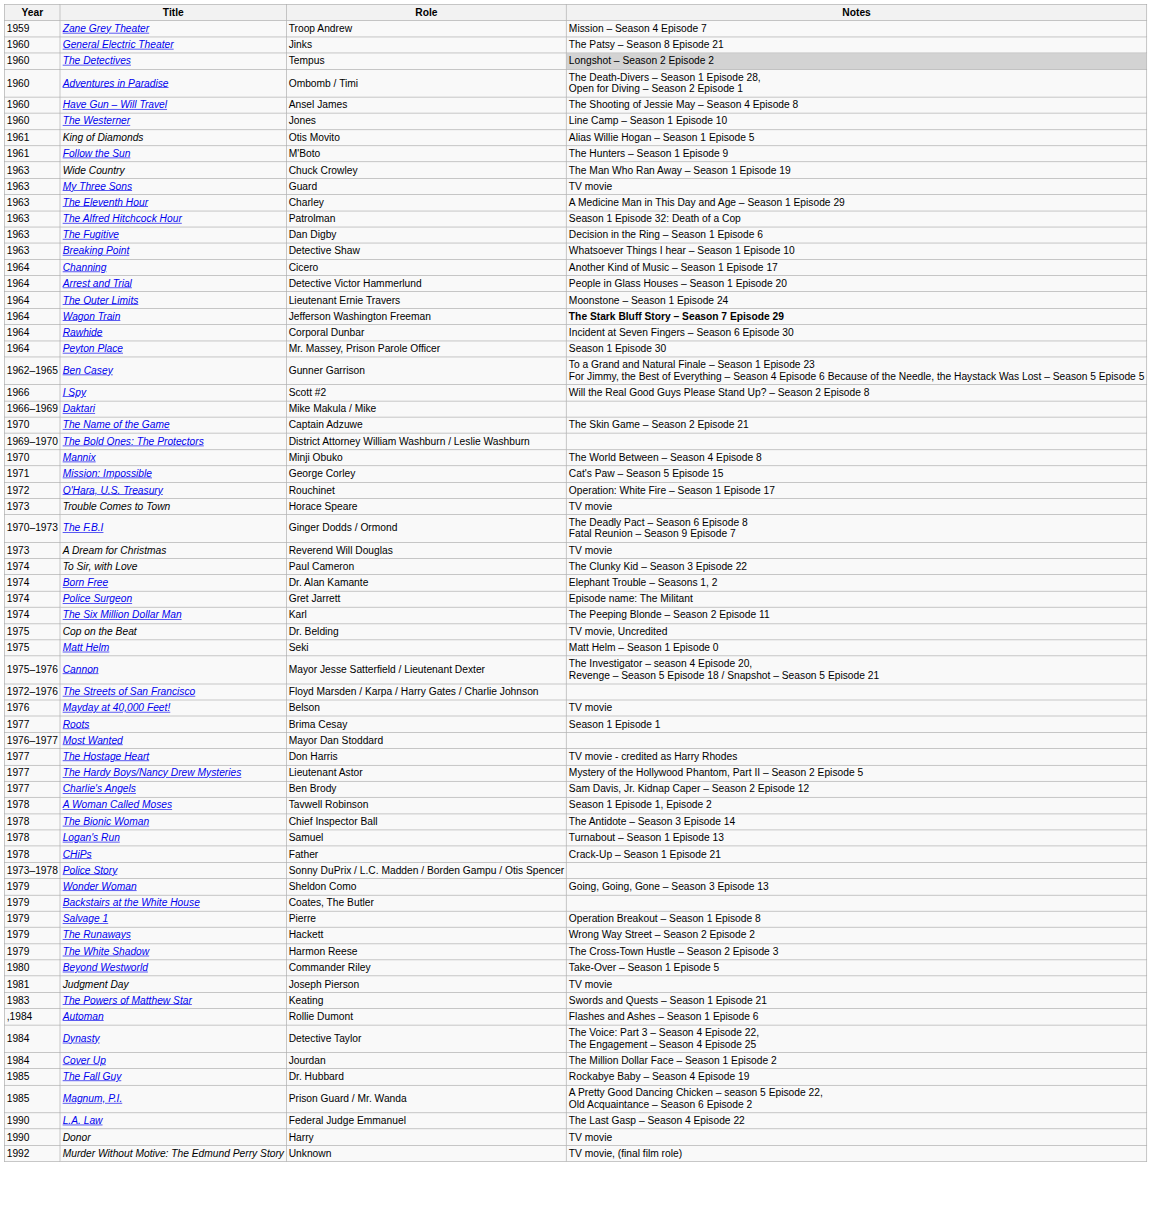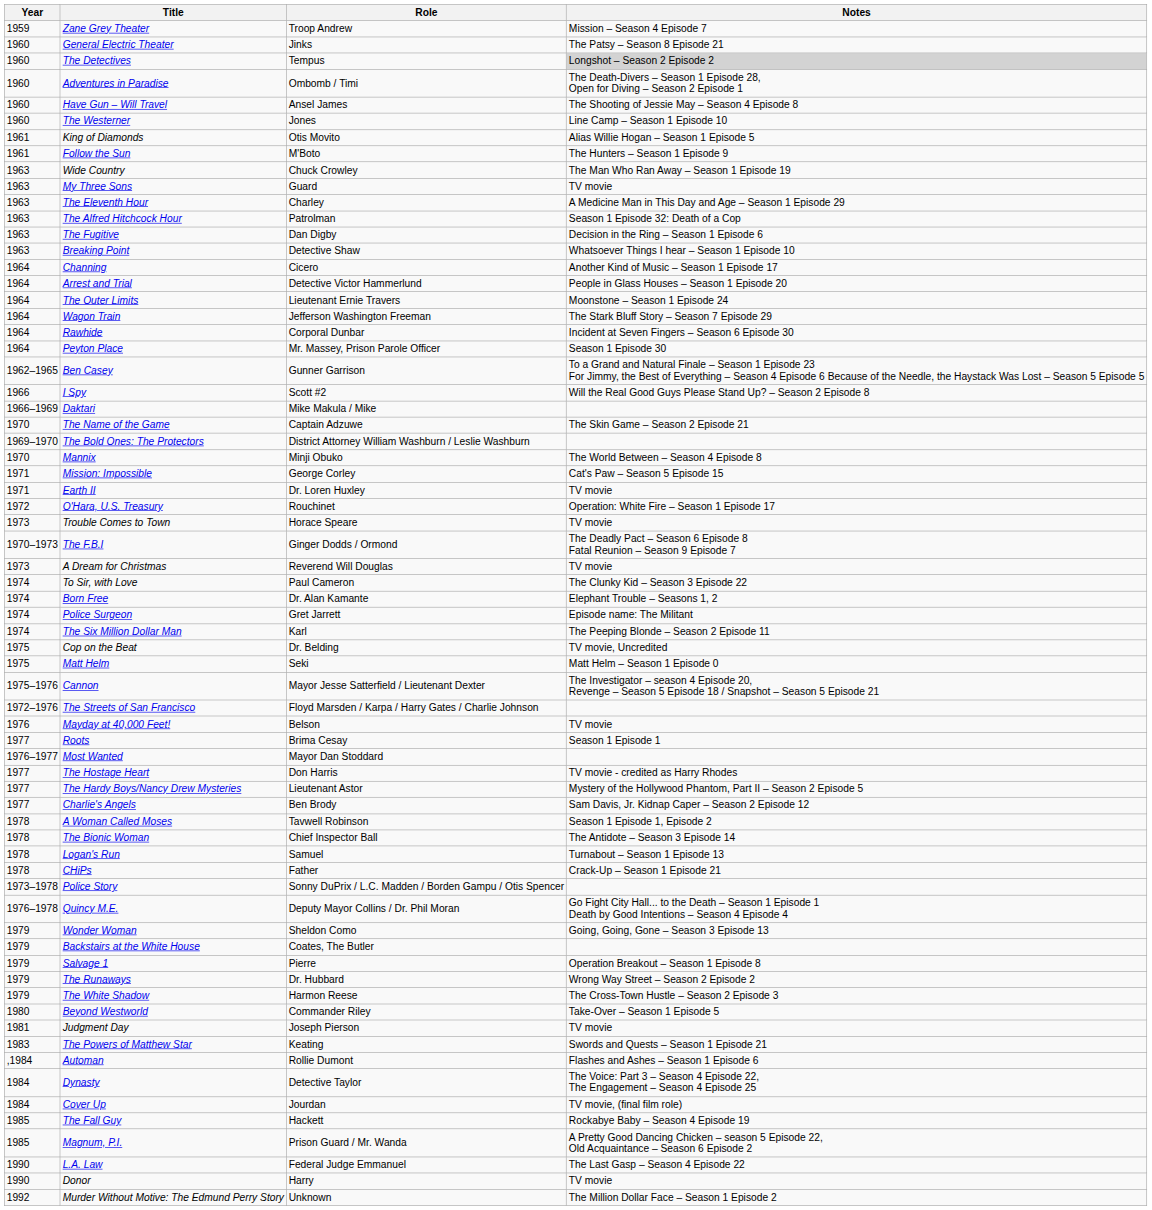 <table class="wikitable">
 <tr>
 <th>Year</th>
 <th>Title</th>
 <th>Role</th>
 <th>Notes</th>
 </tr>
 <tr>
 <td>1959</td>
 <td><em><a href='#'>Zane Grey Theater</a></em></td>
 <td>Troop Andrew</td>
 <td>Mission – Season 4 Episode 7</td>
 </tr>
 <tr>
 <td>1960</td>
 <td><em><a href='#'>General Electric Theater</a></em></td>
 <td>Jinks</td>
 <td>The Patsy – Season 8 Episode 21</td>
 </tr>
 <tr>
 <td>1960</td>
 <td><em><a href='#'>The Detectives</a></em></td>
 <td>Tempus</td>
 <td style="background: lightgrey;">Longshot – Season 2 Episode 2</td>
 </tr>
 <tr>
 <td>1960</td>
 <td><em><a href='#'>Adventures in Paradise</a></em></td>
 <td>Ombomb / Timi</td>
 <td>The Death-Divers – Season 1 Episode 28,<br>Open for Diving – Season 2 Episode 1</td>
 </tr>
 <tr>
 <td>1960</td>
 <td><em><a href='#'>Have Gun – Will Travel</a></em></td>
 <td>Ansel James</td>
 <td>The Shooting of Jessie May – Season 4 Episode 8</td>
 </tr>
 <tr>
 <td>1960</td>
 <td><em><a href='#'>The Westerner</a></em></td>
 <td>Jones</td>
 <td>Line Camp – Season 1 Episode 10</td>
 </tr>
 <tr>
 <td>1961</td>
 <td><em>King of Diamonds</em></td>
 <td>Otis Movito</td>
 <td>Alias Willie Hogan – Season 1 Episode 5</td>
 </tr>
 <tr>
 <td>1961</td>
 <td><em><a href='#'>Follow the Sun</a></em></td>
 <td>M'Boto</td>
 <td>The Hunters – Season 1 Episode 9</td>
 </tr>
 <tr>
 <td>1963</td>
 <td><em>Wide Country</em></td>
 <td>Chuck Crowley</td>
 <td>The Man Who Ran Away – Season 1 Episode 19</td>
 </tr>
 <tr>
 <td>1963</td>
 <td><em><a href='#'>My Three Sons</a></em></td>
 <td>Guard</td>
 <td>TV movie</td>
 </tr>
 <tr>
 <td>1963</td>
 <td><em><a href='#'>The Eleventh Hour</a></em></td>
 <td>Charley</td>
 <td>A Medicine Man in This Day and Age – Season 1 Episode 29</td>
 </tr>
 <tr>
 <td>1963</td>
 <td><em><a href='#'>The Alfred Hitchcock Hour</a></em></td>
 <td>Patrolman</td>
 <td>Season 1 Episode 32: Death of a Cop</td>
 </tr>
 <tr>
 <td>1963</td>
 <td><em><a href='#'>The Fugitive</a></em></td>
 <td>Dan Digby</td>
 <td>Decision in the Ring – Season 1 Episode 6</td>
 </tr>
 <tr>
 <td>1963</td>
 <td><em><a href='#'>Breaking Point</a></em></td>
 <td>Detective Shaw</td>
 <td>Whatsoever Things I hear – Season 1 Episode 10</td>
 </tr>
 <tr>
 <td>1964</td>
 <td><em><a href='#'>Channing</a></em></td>
 <td>Cicero</td>
 <td>Another Kind of Music – Season 1 Episode 17</td>
 </tr>
 <tr>
 <td>1964</td>
 <td><em><a href='#'>Arrest and Trial</a></em></td>
 <td>Detective Victor Hammerlund</td>
 <td>People in Glass Houses – Season 1 Episode 20</td>
 </tr>
 <tr>
 <td>1964</td>
 <td><em><a href='#'>The Outer Limits</a></em></td>
 <td>Lieutenant Ernie Travers</td>
 <td>Moonstone – Season 1 Episode 24</td>
 </tr>
 <tr>
 <td>1964</td>
 <td><em><a href='#'>Wagon Train</a></em></td>
 <td>Jefferson Washington Freeman</td>
-<td><strong>The Stark Bluff Story – Season 7 Episode 29</strong></td>
+<td>The Stark Bluff Story – Season 7 Episode 29</td>
 </tr>
 <tr>
 <td>1964</td>
 <td><em><a href='#'>Rawhide</a></em></td>
 <td>Corporal Dunbar</td>
 <td>Incident at Seven Fingers – Season 6 Episode 30</td>
 </tr>
 <tr>
 <td>1964</td>
 <td><em><a href='#'>Peyton Place</a></em></td>
 <td>Mr. Massey, Prison Parole Officer</td>
 <td>Season 1 Episode 30</td>
 </tr>
 <tr>
 <td>1962–1965</td>
 <td><em><a href='#'>Ben Casey</a></em></td>
 <td>Gunner Garrison</td>
 <td>To a Grand and Natural Finale – Season 1 Episode 23<br>For Jimmy, the Best of Everything – Season 4 Episode 6 Because of the Needle, the Haystack Was Lost – Season 5 Episode 5</td>
 </tr>
 <tr>
 <td>1966</td>
 <td><em><a href='#'>I Spy</a></em></td>
 <td>Scott #2</td>
 <td>Will the Real Good Guys Please Stand Up? – Season 2 Episode 8</td>
 </tr>
 <tr>
 <td>1966–1969</td>
 <td><em><a href='#'>Daktari</a></em></td>
 <td>Mike Makula / Mike</td>
 <td></td>
 </tr>
 <tr>
 <td>1970</td>
 <td><em><a href='#'>The Name of the Game</a></em></td>
 <td>Captain Adzuwe</td>
 <td>The Skin Game – Season 2 Episode 21</td>
 </tr>
 <tr>
 <td>1969–1970</td>
 <td><em><a href='#'>The Bold Ones: The Protectors</a></em></td>
 <td>District Attorney William Washburn / Leslie Washburn</td>
 <td></td>
 </tr>
 <tr>
 <td>1970</td>
 <td><em><a href='#'>Mannix</a></em></td>
 <td>Minji Obuko</td>
 <td>The World Between – Season 4 Episode 8</td>
 </tr>
 <tr>
 <td>1971</td>
 <td><em><a href='#'>Mission: Impossible</a></em></td>
 <td>George Corley</td>
 <td>Cat's Paw – Season 5 Episode 15</td>
+</tr>
+<tr>
+<td>1971</td>
+<td><em><a href='#'>Earth II</a></em></td>
+<td>Dr. Loren Huxley</td>
+<td>TV movie</td>
 </tr>
 <tr>
 <td>1972</td>
 <td><em><a href='#'>O'Hara, U.S. Treasury</a></em></td>
 <td>Rouchinet</td>
 <td>Operation: White Fire – Season 1 Episode 17</td>
 </tr>
 <tr>
 <td>1973</td>
 <td><em>Trouble Comes to Town</em></td>
 <td>Horace Speare</td>
 <td>TV movie</td>
 </tr>
 <tr>
 <td>1970–1973</td>
 <td><em><a href='#'>The F.B.I</a></em></td>
 <td>Ginger Dodds / Ormond</td>
 <td>The Deadly Pact – Season 6 Episode 8<br>Fatal Reunion – Season 9 Episode 7</td>
 </tr>
 <tr>
 <td>1973</td>
 <td><em>A Dream for Christmas</em></td>
 <td>Reverend Will Douglas</td>
 <td>TV movie</td>
 </tr>
 <tr>
 <td>1974</td>
 <td><em>To Sir, with Love</em></td>
 <td>Paul Cameron</td>
 <td>The Clunky Kid – Season 3 Episode 22</td>
 </tr>
 <tr>
 <td>1974</td>
 <td><em><a href='#'>Born Free</a></em></td>
 <td>Dr. Alan Kamante</td>
 <td>Elephant Trouble – Seasons 1, 2</td>
 </tr>
 <tr>
 <td>1974</td>
 <td><em><a href='#'>Police Surgeon</a></em></td>
 <td>Gret Jarrett</td>
 <td>Episode name: The Militant</td>
 </tr>
 <tr>
 <td>1974</td>
 <td><em><a href='#'>The Six Million Dollar Man</a></em></td>
 <td>Karl</td>
 <td>The Peeping Blonde – Season 2 Episode 11</td>
 </tr>
 <tr>
 <td>1975</td>
 <td><em>Cop on the Beat</em></td>
 <td>Dr. Belding</td>
 <td>TV movie, Uncredited</td>
 </tr>
 <tr>
 <td>1975</td>
 <td><em><a href='#'>Matt Helm</a></em></td>
 <td>Seki</td>
 <td>Matt Helm – Season 1 Episode 0</td>
 </tr>
 <tr>
 <td>1975–1976</td>
 <td><em><a href='#'>Cannon</a></em></td>
 <td>Mayor Jesse Satterfield / Lieutenant Dexter</td>
 <td>The Investigator – season 4 Episode 20,<br>Revenge – Season 5 Episode 18 / Snapshot – Season 5 Episode 21</td>
 </tr>
 <tr>
 <td>1972–1976</td>
 <td><em><a href='#'>The Streets of San Francisco</a></em></td>
 <td>Floyd Marsden / Karpa / Harry Gates / Charlie Johnson</td>
 <td></td>
 </tr>
 <tr>
 <td>1976</td>
 <td><em><a href='#'>Mayday at 40,000 Feet!</a></em></td>
 <td>Belson</td>
 <td>TV movie</td>
 </tr>
 <tr>
 <td>1977</td>
 <td><em><a href='#'>Roots</a></em></td>
 <td>Brima Cesay</td>
 <td>Season 1 Episode 1</td>
 </tr>
 <tr>
 <td>1976–1977</td>
 <td><em><a href='#'>Most Wanted</a></em></td>
 <td>Mayor Dan Stoddard</td>
 <td></td>
 </tr>
 <tr>
 <td>1977</td>
 <td><em><a href='#'>The Hostage Heart</a></em></td>
 <td>Don Harris</td>
 <td>TV movie - credited as Harry Rhodes</td>
 </tr>
 <tr>
 <td>1977</td>
 <td><em><a href='#'>The Hardy Boys/Nancy Drew Mysteries</a></em></td>
 <td>Lieutenant Astor</td>
 <td>Mystery of the Hollywood Phantom, Part II – Season 2 Episode 5</td>
 </tr>
 <tr>
 <td>1977</td>
 <td><em><a href='#'>Charlie's Angels</a></em></td>
 <td>Ben Brody</td>
 <td>Sam Davis, Jr. Kidnap Caper – Season 2 Episode 12</td>
 </tr>
 <tr>
 <td>1978</td>
 <td><em><a href='#'>A Woman Called Moses</a></em></td>
 <td>Tavwell Robinson</td>
 <td>Season 1 Episode 1, Episode 2</td>
 </tr>
 <tr>
 <td>1978</td>
 <td><em><a href='#'>The Bionic Woman</a></em></td>
 <td>Chief Inspector Ball</td>
 <td>The Antidote – Season 3 Episode 14</td>
 </tr>
 <tr>
 <td>1978</td>
 <td><em><a href='#'>Logan's Run</a></em></td>
 <td>Samuel</td>
 <td>Turnabout – Season 1 Episode 13</td>
 </tr>
 <tr>
 <td>1978</td>
 <td><em><a href='#'>CHiPs</a></em></td>
 <td>Father</td>
 <td>Crack-Up – Season 1 Episode 21</td>
 </tr>
 <tr>
 <td>1973–1978</td>
 <td><em><a href='#'>Police Story</a></em></td>
 <td>Sonny DuPrix / L.C. Madden / Borden Gampu / Otis Spencer</td>
 <td></td>
 </tr>
 <tr>
+<td>1976–1978</td>
+<td><em><a href='#'>Quincy M.E.</a></em></td>
+<td>Deputy Mayor Collins / Dr. Phil Moran</td>
+<td>Go Fight City Hall... to the Death – Season 1 Episode 1<br>Death by Good Intentions – Season 4 Episode 4</td>
+</tr>
+<tr>
 <td>1979</td>
 <td><em><a href='#'>Wonder Woman</a></em></td>
 <td>Sheldon Como</td>
 <td>Going, Going, Gone – Season 3 Episode 13</td>
 </tr>
 <tr>
 <td>1979</td>
 <td><em><a href='#'>Backstairs at the White House</a></em></td>
 <td>Coates, The Butler</td>
 <td></td>
 </tr>
 <tr>
 <td>1979</td>
 <td><em><a href='#'>Salvage 1</a></em></td>
 <td>Pierre</td>
 <td>Operation Breakout – Season 1 Episode 8</td>
 </tr>
 <tr>
 <td>1979</td>
 <td><em><a href='#'>The Runaways</a></em></td>
-<td>Hackett</td>
+<td>Dr. Hubbard</td>
 <td>Wrong Way Street – Season 2 Episode 2</td>
 </tr>
 <tr>
 <td>1979</td>
 <td><em><a href='#'>The White Shadow</a></em></td>
 <td>Harmon Reese</td>
 <td>The Cross-Town Hustle – Season 2 Episode 3</td>
 </tr>
 <tr>
 <td>1980</td>
 <td><em><a href='#'>Beyond Westworld</a></em></td>
 <td>Commander Riley</td>
 <td>Take-Over – Season 1 Episode 5</td>
 </tr>
 <tr>
 <td>1981</td>
 <td><em>Judgment Day</em></td>
 <td>Joseph Pierson</td>
 <td>TV movie</td>
 </tr>
 <tr>
 <td>1983</td>
 <td><em><a href='#'>The Powers of Matthew Star</a></em></td>
 <td>Keating</td>
 <td>Swords and Quests – Season 1 Episode 21</td>
 </tr>
 <tr>
 <td>,1984</td>
 <td><em><a href='#'>Automan</a></em></td>
 <td>Rollie Dumont</td>
 <td>Flashes and Ashes – Season 1 Episode 6</td>
 </tr>
 <tr>
 <td>1984</td>
 <td><em><a href='#'>Dynasty</a></em></td>
 <td>Detective Taylor</td>
 <td>The Voice: Part 3 – Season 4 Episode 22,<br>The Engagement – Season 4 Episode 25</td>
 </tr>
 <tr>
 <td>1984</td>
 <td><em><a href='#'>Cover Up</a></em></td>
 <td>Jourdan</td>
-<td>The Million Dollar Face – Season 1 Episode 2</td>
+<td>TV movie, (final film role)</td>
 </tr>
 <tr>
 <td>1985</td>
 <td><em><a href='#'>The Fall Guy</a></em></td>
-<td>Dr. Hubbard</td>
+<td>Hackett</td>
 <td>Rockabye Baby – Season 4 Episode 19</td>
 </tr>
 <tr>
 <td>1985</td>
 <td><em><a href='#'>Magnum, P.I.</a></em></td>
 <td>Prison Guard / Mr. Wanda</td>
 <td>A Pretty Good Dancing Chicken – season 5 Episode 22,<br>Old Acquaintance – Season 6 Episode 2</td>
 </tr>
 <tr>
 <td>1990</td>
 <td><em><a href='#'>L.A. Law</a></em></td>
 <td>Federal Judge Emmanuel</td>
 <td>The Last Gasp – Season 4 Episode 22</td>
 </tr>
 <tr>
 <td>1990</td>
 <td><em>Donor</em></td>
 <td>Harry</td>
 <td>TV movie</td>
 </tr>
 <tr>
 <td>1992</td>
 <td><em>Murder Without Motive: The Edmund Perry Story</em></td>
 <td>Unknown</td>
-<td>TV movie, (final film role)</td>
+<td>The Million Dollar Face – Season 1 Episode 2</td>
 </tr>
 </table>
